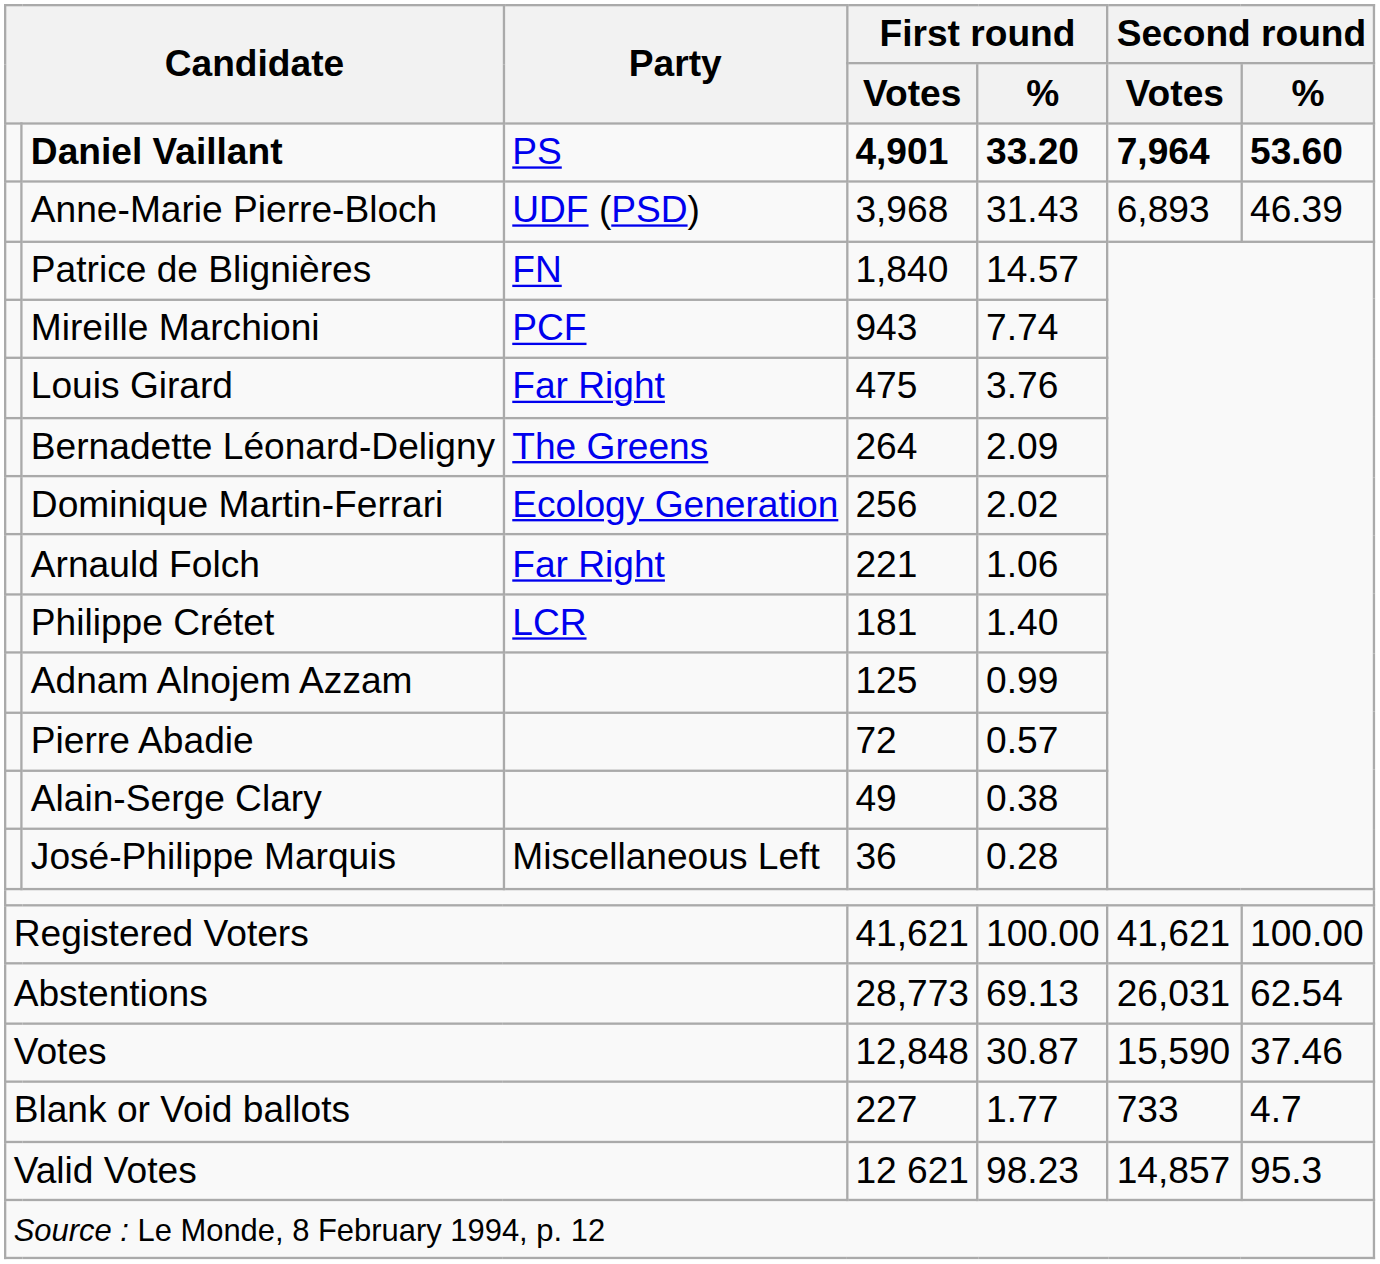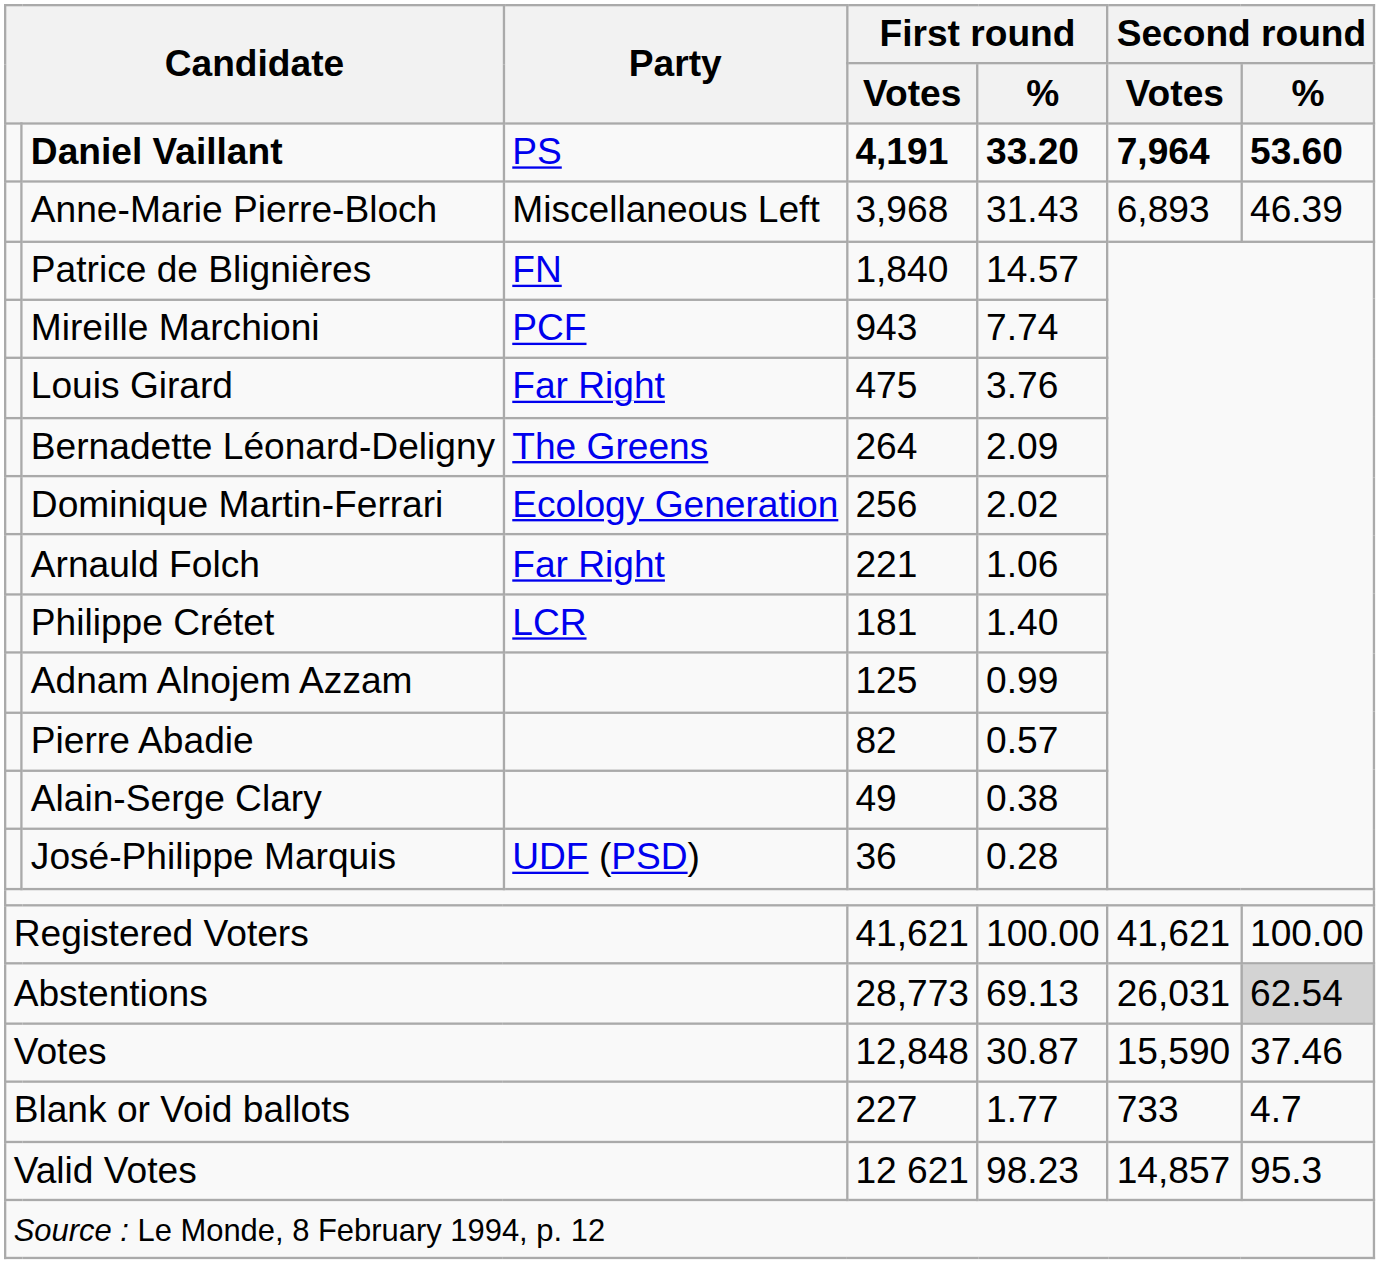 <table class="wikitable">
 <tr>
 <th colspan="2" rowspan="2">Candidate</th>
 <th rowspan="2">Party</th>
 <th colspan="2">First round</th>
 <th colspan="2">Second round</th>
 </tr>
 <tr>
 <th>Votes</th>
 <th>%</th>
 <th>Votes</th>
 <th>%</th>
 </tr>
 <tr>
 <td style="background-color:"></td>
 <td><strong>Daniel Vaillant</strong></td>
 <td><a href='#'>PS</a></td>
-<td><strong>4,901</strong></td>
+<td><strong>4,191</strong></td>
 <td><strong>33.20</strong></td>
 <td><strong>7,964</strong></td>
 <td><strong>53.60</strong></td>
 </tr>
 <tr>
 <td style="background-color:"></td>
 <td>Anne-Marie Pierre-Bloch</td>
-<td><a href='#'>UDF</a> (<a href='#'>PSD</a>)</td>
+<td>Miscellaneous Left</td>
 <td>3,968</td>
 <td>31.43</td>
 <td>6,893</td>
 <td>46.39</td>
 </tr>
 <tr>
 <td style="background-color:"></td>
 <td>Patrice de Blignières</td>
 <td><a href='#'>FN</a></td>
 <td>1,840</td>
 <td>14.57</td>
 <td colspan="2" rowspan="11"></td>
 </tr>
 <tr>
 <td style="background-color:"></td>
 <td>Mireille Marchioni</td>
 <td><a href='#'>PCF</a></td>
 <td>943</td>
 <td>7.74</td>
 </tr>
 <tr>
 <td></td>
 <td>Louis Girard</td>
 <td><a href='#'>Far Right</a></td>
 <td>475</td>
 <td>3.76</td>
 </tr>
 <tr>
 <td style="background-color:"></td>
 <td>Bernadette Léonard-Deligny</td>
 <td><a href='#'>The Greens</a></td>
 <td>264</td>
 <td>2.09</td>
 </tr>
 <tr>
 <td style="background-color:"></td>
 <td>Dominique Martin-Ferrari</td>
 <td><a href='#'>Ecology Generation</a></td>
 <td>256</td>
 <td>2.02</td>
 </tr>
 <tr>
 <td></td>
 <td>Arnauld Folch</td>
 <td><a href='#'>Far Right</a></td>
 <td>221</td>
 <td>1.06</td>
 </tr>
 <tr>
 <td style="background-color:"></td>
 <td>Philippe Crétet</td>
 <td><a href='#'>LCR</a></td>
 <td>181</td>
 <td>1.40</td>
 </tr>
 <tr>
 <td></td>
 <td>Adnam Alnojem Azzam</td>
 <td></td>
 <td>125</td>
 <td>0.99</td>
 </tr>
 <tr>
 <td></td>
 <td>Pierre Abadie</td>
 <td></td>
-<td>72</td>
+<td>82</td>
 <td>0.57</td>
 </tr>
 <tr>
 <td></td>
 <td>Alain-Serge Clary</td>
 <td></td>
 <td>49</td>
 <td>0.38</td>
 </tr>
 <tr>
 <td></td>
 <td>José-Philippe Marquis</td>
-<td>Miscellaneous Left</td>
+<td><a href='#'>UDF</a> (<a href='#'>PSD</a>)</td>
 <td>36</td>
 <td>0.28</td>
 </tr>
 <tr>
 <td colspan="8"></td>
 </tr>
 <tr>
 <td colspan="3">Registered Voters</td>
 <td>41,621</td>
 <td>100.00</td>
 <td>41,621</td>
 <td>100.00</td>
 </tr>
 <tr>
 <td colspan="3">Abstentions</td>
 <td>28,773</td>
 <td>69.13</td>
 <td>26,031</td>
-<td>62.54</td>
+<td style="background: lightgrey;">62.54</td>
 </tr>
 <tr>
 <td colspan="3">Votes</td>
 <td>12,848</td>
 <td>30.87</td>
 <td>15,590</td>
 <td>37.46</td>
 </tr>
 <tr>
 <td colspan="3">Blank or Void ballots</td>
 <td>227</td>
 <td>1.77</td>
 <td>733</td>
 <td>4.7</td>
 </tr>
 <tr>
 <td colspan="3">Valid Votes</td>
 <td>12 621</td>
 <td>98.23</td>
 <td>14,857</td>
 <td>95.3</td>
 </tr>
 <tr>
 <td colspan="8"><small><em>Source :</em> Le Monde, 8 February 1994, <abbr>p.</abbr> 12</small></td>
 </tr>
 </table>
